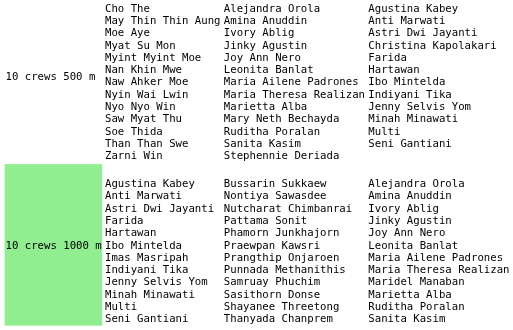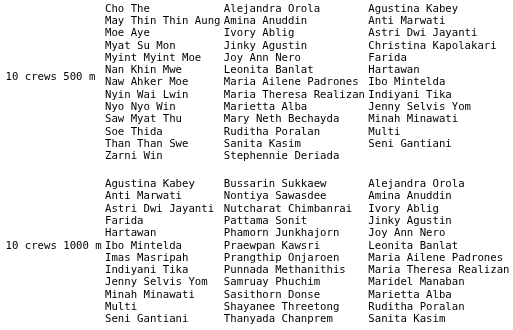 <table>
 <tr>
 <td>10 crews 500 m</td>
 <td nowrap=true><br>Cho The<br>May Thin Thin Aung<br>Moe Aye<br>Myat Su Mon<br>Myint Myint Moe<br>Nan Khin Mwe<br>Naw Ahker Moe<br>Nyin Wai Lwin<br>Nyo Nyo Win<br>Saw Myat Thu<br>Soe Thida<br>Than Than Swe<br>Zarni Win</td>
 <td nowrap=true><br>Alejandra Orola<br>Amina Anuddin<br>Ivory Ablig<br>Jinky Agustin<br>Joy Ann Nero<br>Leonita Banlat<br>Maria Ailene Padrones<br>Maria Theresa Realizan<br>Marietta Alba<br>Mary Neth Bechayda<br>Ruditha Poralan<br>Sanita Kasim<br>Stephennie Deriada</td>
 <td valign=top><br>Agustina Kabey<br>Anti Marwati<br>Astri Dwi Jayanti<br>Christina Kapolakari<br>Farida<br>Hartawan<br>Ibo Mintelda<br>Indiyani Tika<br>Jenny Selvis Yom<br>Minah Minawati<br>Multi<br>Seni Gantiani</td>
 </tr>
 <tr>
-<td style="background: lightgreen;">10 crews 1000 m</td>
+<td>10 crews 1000 m</td>
 <td><br>Agustina Kabey<br>Anti Marwati<br>Astri Dwi Jayanti<br>Farida<br>Hartawan<br>Ibo Mintelda<br>Imas Masripah<br>Indiyani Tika<br>Jenny Selvis Yom<br>Minah Minawati<br>Multi<br>Seni Gantiani</td>
 <td><br>Bussarin Sukkaew<br>Nontiya Sawasdee<br>Nutcharat Chimbanrai<br>Pattama Sonit<br>Phamorn Junkhajorn<br>Praewpan Kawsri<br>Prangthip Onjaroen<br>Punnada Methanithis<br>Samruay Phuchim<br>Sasithorn Donse<br>Shayanee Threetong<br>Thanyada Chanprem</td>
 <td nowrap=true><br>Alejandra Orola<br>Amina Anuddin<br>Ivory Ablig<br>Jinky Agustin<br>Joy Ann Nero<br>Leonita Banlat<br>Maria Ailene Padrones<br>Maria Theresa Realizan<br>Maridel Manaban<br>Marietta Alba<br>Ruditha Poralan<br>Sanita Kasim</td>
 </tr>
 </table>
